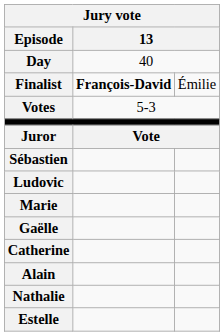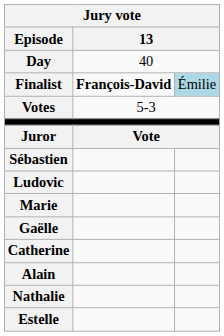 <table class="wikitable" style="text-align:center">
 <tr>
 <th colspan="100%">Jury vote</th>
 </tr>
 <tr>
 <th scope="row">Episode</th>
 <th colspan="2">13</th>
 </tr>
 <tr>
 <th scope="row">Day</th>
 <td colspan="2">40</td>
 </tr>
 <tr>
 <th scope="row">Finalist</th>
 <td style="line-height:normal;"><strong>François-David</strong></td>
-<td>Émilie</td>
+<td style="background: lightblue;">Émilie</td>
 </tr>
 <tr>
 <th scope="row">Votes</th>
 <td colspan="2">5-3</td>
 </tr>
 <tr>
 <td colspan="100" style="background:black;"></td>
 </tr>
 <tr>
 <th>Juror</th>
 <th colspan="100%">Vote</th>
 </tr>
 <tr>
 <th scope="row">Sébastien</th>
 <td></td>
 <td></td>
 </tr>
 <tr>
 <th scope="row">Ludovic</th>
 <td></td>
 <td></td>
 </tr>
 <tr>
 <th scope="row">Marie</th>
 <td></td>
 <td></td>
 </tr>
 <tr>
 <th scope="row">Gaëlle</th>
 <td></td>
 <td></td>
 </tr>
 <tr>
 <th scope="row">Catherine</th>
 <td></td>
 <td></td>
 </tr>
 <tr>
 <th scope="row">Alain</th>
 <td></td>
 <td></td>
 </tr>
 <tr>
 <th scope="row">Nathalie</th>
 <td></td>
 <td></td>
 </tr>
 <tr>
 <th scope="row">Estelle</th>
 <td></td>
 <td></td>
 </tr>
 </table>
